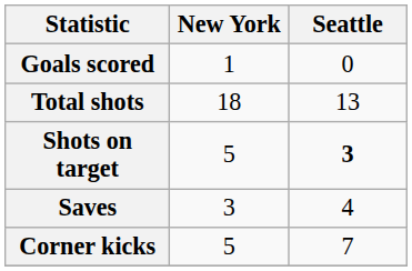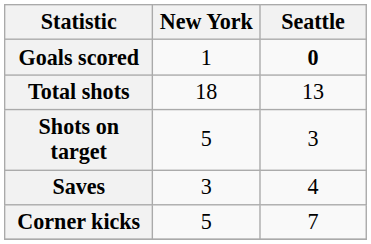 <table class="wikitable plainrowheaders" style="text-align:center">
 <tr>
 <th scope=col width=100>Statistic</th>
 <th scope=col width=70>New York</th>
 <th scope=col width=70>Seattle</th>
 </tr>
 <tr>
 <th scope=row>Goals scored</th>
 <td>1</td>
-<td>0</td>
+<td><strong>0</strong></td>
 </tr>
 <tr>
 <th scope=row>Total shots</th>
 <td>18</td>
 <td>13</td>
 </tr>
 <tr>
 <th scope=row>Shots on target</th>
 <td>5</td>
-<td><strong>3</strong></td>
+<td>3</td>
 </tr>
 <tr>
 <th scope=row>Saves</th>
 <td>3</td>
 <td>4</td>
 </tr>
 <tr>
 <th scope=row>Corner kicks</th>
 <td>5</td>
 <td>7</td>
 </tr>
 <tr>
 </tr>
 </table>
